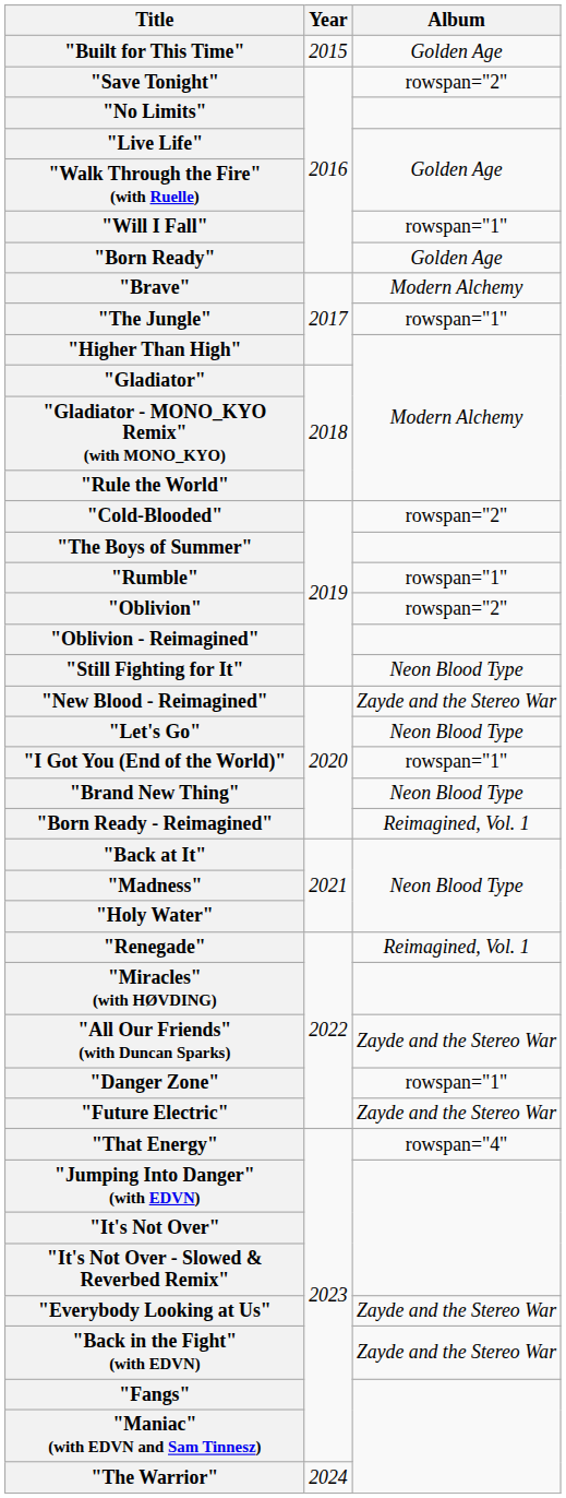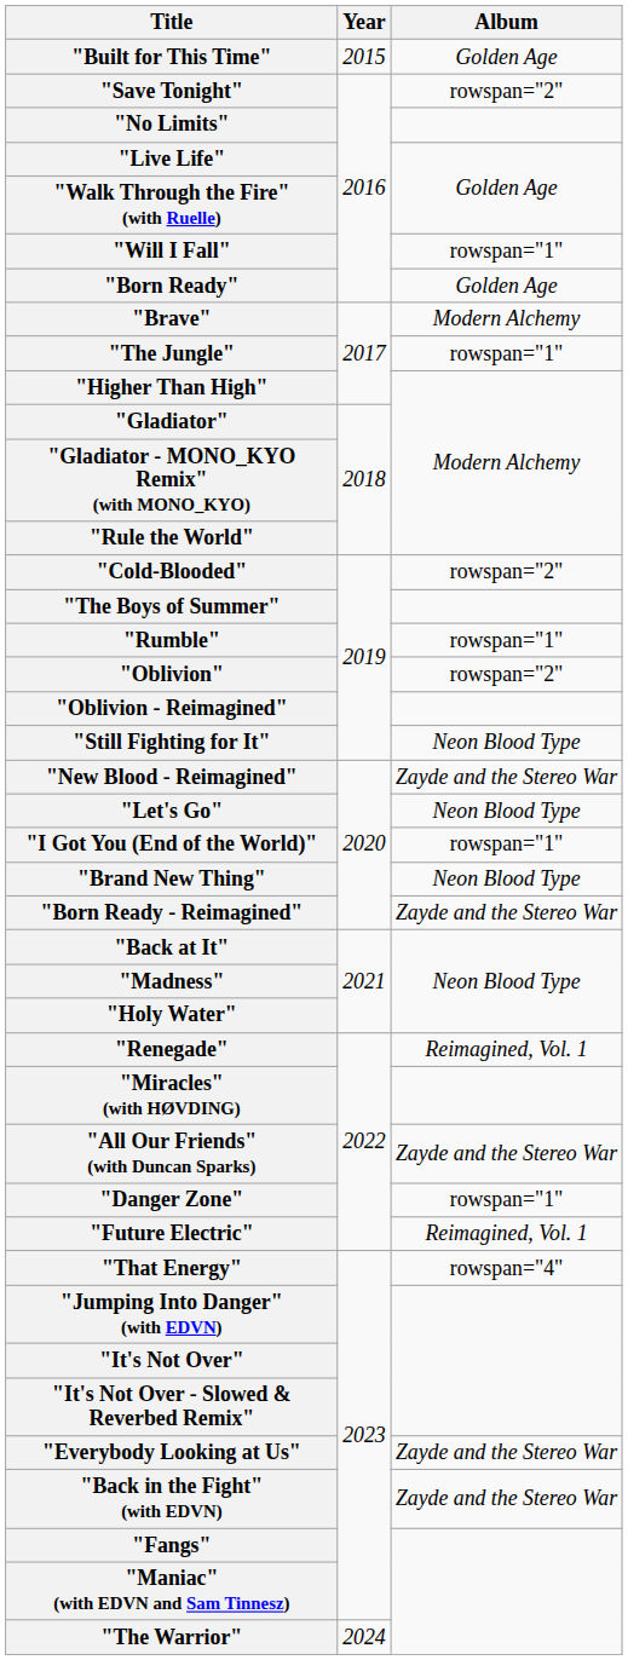 <table class="wikitable plainrowheaders" style="text-align:center;">
 <tr>
 <th scope="col" style="width:15em;">Title</th>
 <th scope="col">Year</th>
 <th scope="col">Album</th>
 </tr>
 <tr>
 <th scope="row">"Built for This Time"</th>
 <td rowspan="1"><em>2015</em></td>
 <td rowspan="1"><em>Golden Age</em></td>
 </tr>
 <tr>
 <th scope="row">"Save Tonight"</th>
 <td rowspan="6"><em>2016</em></td>
 <td>rowspan="2" </td>
 </tr>
 <tr>
 <th scope="row">"No Limits"</th>
 </tr>
 <tr>
 <th scope="row">"Live Life"</th>
 <td rowspan="2"><em>Golden Age</em></td>
 </tr>
 <tr>
 <th scope="row">"Walk Through the Fire"<br><small>(with <a href='#'>Ruelle</a>)</small></th>
 </tr>
 <tr>
 <th scope="row">"Will I Fall"</th>
 <td>rowspan="1" </td>
 </tr>
 <tr>
 <th scope="row">"Born Ready"</th>
 <td rowspan="1"><em>Golden Age</em></td>
 </tr>
 <tr>
 <th scope="row">"Brave"</th>
 <td rowspan="3"><em>2017</em></td>
 <td rowspan="1"><em>Modern Alchemy</em></td>
 </tr>
 <tr>
 <th scope="row">"The Jungle"</th>
 <td>rowspan="1" </td>
 </tr>
 <tr>
 <th scope="row">"Higher Than High"</th>
 <td rowspan="4"><em>Modern Alchemy</em></td>
 </tr>
 <tr>
 <th scope="row">"Gladiator"</th>
 <td rowspan="3"><em>2018</em></td>
 </tr>
 <tr>
 <th scope="row">"Gladiator - MONO_KYO Remix"<br><small>(with MONO_KYO)</small></th>
 </tr>
 <tr>
 <th scope="row">"Rule the World"</th>
 </tr>
 <tr>
 <th scope="row">"Cold-Blooded"</th>
 <td rowspan="6"><em>2019</em></td>
 <td>rowspan="2" </td>
 </tr>
 <tr>
 <th scope="row">"The Boys of Summer"</th>
 </tr>
 <tr>
 <th scope="row">"Rumble"</th>
 <td>rowspan="1" </td>
 </tr>
 <tr>
 <th scope="row">"Oblivion"</th>
 <td>rowspan="2" </td>
 </tr>
 <tr>
 <th scope="row">"Oblivion - Reimagined"</th>
 </tr>
 <tr>
 <th scope="row">"Still Fighting for It"</th>
 <td rowspan="1"><em>Neon Blood Type</em></td>
 </tr>
 <tr>
 <th scope="row">"New Blood - Reimagined"</th>
 <td rowspan="5"><em>2020</em></td>
 <td rowspan="1"><em>Zayde and the Stereo War</em></td>
 </tr>
 <tr>
 <th scope="row">"Let's Go"</th>
 <td rowspan="1"><em>Neon Blood Type</em></td>
 </tr>
 <tr>
 <th scope="row">"I Got You (End of the World)"</th>
 <td>rowspan="1" </td>
 </tr>
 <tr>
 <th scope="row">"Brand New Thing"</th>
 <td rowspan="1"><em>Neon Blood Type</em></td>
 </tr>
 <tr>
 <th scope="row">"Born Ready - Reimagined"</th>
-<td rowspan="1"><em>Reimagined, Vol. 1</em></td>
+<td rowspan="1"><em>Zayde and the Stereo War</em></td>
 </tr>
 <tr>
 <th scope="row">"Back at It"</th>
 <td rowspan="3"><em>2021</em></td>
 <td rowspan="3"><em>Neon Blood Type</em></td>
 </tr>
 <tr>
 <th scope="row">"Madness"</th>
 </tr>
 <tr>
 <th scope="row">"Holy Water"</th>
 </tr>
 <tr>
 <th scope="row">"Renegade"</th>
 <td rowspan="5"><em>2022</em></td>
 <td rowspan="1"><em>Reimagined, Vol. 1</em></td>
 </tr>
 <tr>
 <th scope="row">"Miracles"<br><small>(with HØVDING)</small></th>
 </tr>
 <tr>
 <th scope="row">"All Our Friends"<br><small>(with Duncan Sparks)</small></th>
 <td rowspan="1"><em>Zayde and the Stereo War</em></td>
 </tr>
 <tr>
 <th scope="row">"Danger Zone"</th>
 <td>rowspan="1" </td>
 </tr>
 <tr>
 <th scope="row">"Future Electric"</th>
-<td rowspan="1"><em>Zayde and the Stereo War</em></td>
+<td rowspan="1"><em>Reimagined, Vol. 1</em></td>
 </tr>
 <tr>
 <th scope="row">"That Energy"</th>
 <td rowspan="8"><em>2023</em></td>
 <td>rowspan="4" </td>
 </tr>
 <tr>
 <th scope="row">"Jumping Into Danger"<br><small>(with <a href='#'>EDVN</a>)</small></th>
 </tr>
 <tr>
 <th scope="row">"It's Not Over"</th>
 </tr>
 <tr>
 <th scope="row">"It's Not Over - Slowed & Reverbed Remix"</th>
 </tr>
 <tr>
 <th scope="row">"Everybody Looking at Us"</th>
 <td rowspan="1"><em>Zayde and the Stereo War</em></td>
 </tr>
 <tr>
 <th scope="row">"Back in the Fight"<br><small>(with EDVN)</small></th>
 <td rowspan="1"><em>Zayde and the Stereo War</em></td>
 </tr>
 <tr>
 <th scope="row">"Fangs"</th>
 </tr>
 <tr>
 <th scope="row">"Maniac"<br><small>(with EDVN and <a href='#'>Sam Tinnesz</a>)</small></th>
 </tr>
 <tr>
 <th scope="row">"The Warrior"</th>
 <td rowspan="1"><em>2024</em></td>
 </tr>
 <tr>
 </tr>
 </table>
